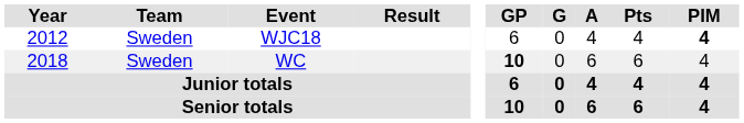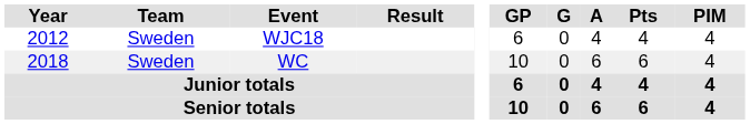 <table border="0" cellpadding="1" cellspacing="0" style="text-align:center; width:40em;">
 <tr bgcolor="#e0e0e0">
 <th>Year</th>
 <th>Team</th>
 <th>Event</th>
 <th>Result</th>
 <th rowspan="99" bgcolor="#ffffff"> </th>
 <th>GP</th>
 <th>G</th>
 <th>A</th>
 <th>Pts</th>
 <th>PIM</th>
 </tr>
 <tr>
 <td><a href='#'>2012</a></td>
 <td><a href='#'>Sweden</a></td>
 <td><a href='#'>WJC18</a></td>
 <td></td>
 <td>6</td>
 <td>0</td>
 <td>4</td>
 <td>4</td>
-<td><strong>4</strong></td>
+<td>4</td>
 </tr>
 <tr bgcolor="#f0f0f0">
 <td><a href='#'>2018</a></td>
 <td><a href='#'>Sweden</a></td>
 <td><a href='#'>WC</a></td>
 <td></td>
-<td><strong>10</strong></td>
+<td>10</td>
 <td>0</td>
 <td>6</td>
 <td>6</td>
 <td>4</td>
 </tr>
 <tr bgcolor="#e0e0e0">
 <th colspan="4">Junior totals</th>
 <th>6</th>
 <th>0</th>
 <th>4</th>
 <th>4</th>
 <th>4</th>
 </tr>
 <tr bgcolor="#e0e0e0">
 <th colspan="4">Senior totals</th>
 <th>10</th>
 <th>0</th>
 <th>6</th>
 <th>6</th>
 <th>4</th>
 </tr>
 </table>
